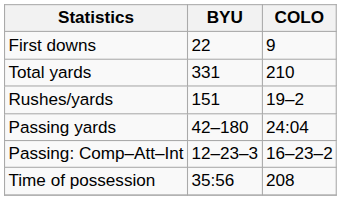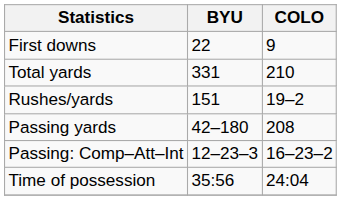 <table class="wikitable" style="float: left;">
 <tr>
 <th>Statistics</th>
 <th>BYU</th>
 <th>COLO</th>
 </tr>
 <tr>
 <td>First downs</td>
 <td>22</td>
 <td>9</td>
 </tr>
 <tr>
 <td>Total yards</td>
 <td>331</td>
 <td>210</td>
 </tr>
 <tr>
 <td>Rushes/yards</td>
 <td>151</td>
 <td>19–2</td>
 </tr>
 <tr>
 <td>Passing yards</td>
 <td>42–180</td>
-<td>24:04</td>
+<td>208</td>
 </tr>
 <tr>
 <td>Passing: Comp–Att–Int</td>
 <td>12–23–3</td>
 <td>16–23–2</td>
 </tr>
 <tr>
 <td>Time of possession</td>
 <td>35:56</td>
-<td>208</td>
+<td>24:04</td>
 </tr>
 <tr>
 </tr>
 </table>
